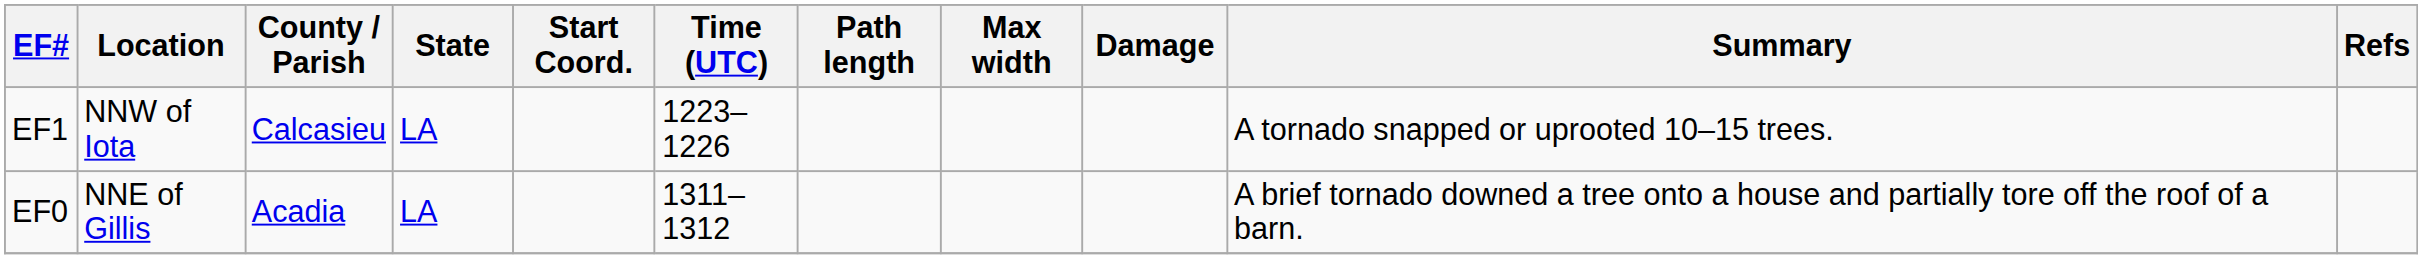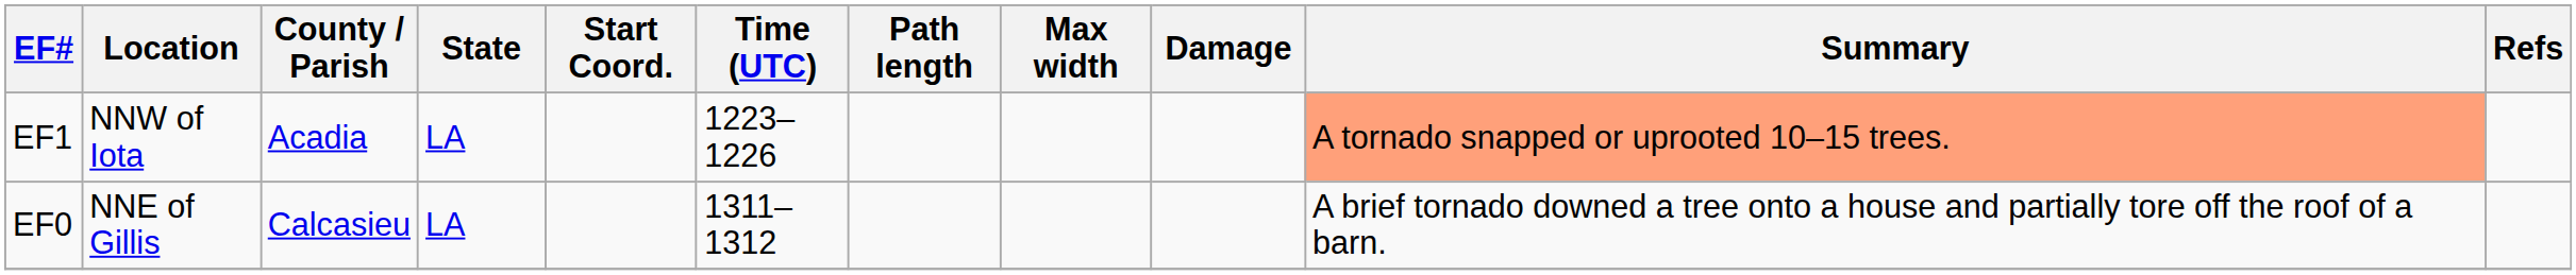 <table class="wikitable sortable" style="width:100%;">
 <tr>
 <th scope="col" width="3%" align="center"><a href='#'>EF#</a></th>
 <th scope="col" width="7%" align="center" class="unsortable">Location</th>
 <th scope="col" width="6%" align="center" class="unsortable">County / Parish</th>
 <th scope="col" width="5%" align="center">State</th>
 <th scope="col" width="6%" align="center">Start Coord.</th>
 <th scope="col" width="6%" align="center">Time (<a href='#'>UTC</a>)</th>
 <th scope="col" width="6%" align="center">Path length</th>
 <th scope="col" width="6%" align="center">Max width</th>
 <th scope="col" width="6%" align="center">Damage</th>
 <th scope="col" width="48%" class="unsortable" align="center">Summary</th>
 <th scope="col" width="48%" class="unsortable" align="center">Refs</th>
 </tr>
 <tr>
 <td>EF1</td>
 <td>NNW of <a href='#'>Iota</a></td>
-<td><a href='#'>Calcasieu</a></td>
+<td><a href='#'>Acadia</a></td>
 <td><a href='#'>LA</a></td>
 <td></td>
 <td>1223–1226</td>
 <td></td>
 <td></td>
 <td></td>
-<td>A tornado snapped or uprooted 10–15 trees.</td>
+<td style="background: lightsalmon;">A tornado snapped or uprooted 10–15 trees.</td>
 <td></td>
 </tr>
 <tr>
 <td>EF0</td>
 <td>NNE of <a href='#'>Gillis</a></td>
-<td><a href='#'>Acadia</a></td>
+<td><a href='#'>Calcasieu</a></td>
 <td><a href='#'>LA</a></td>
 <td></td>
 <td>1311–1312</td>
 <td></td>
 <td></td>
 <td></td>
 <td>A brief tornado downed a tree onto a house and partially tore off the roof of a barn.</td>
 <td></td>
 </tr>
 <tr>
 </tr>
 </table>
